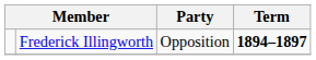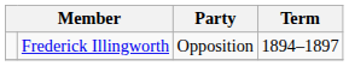 <table class="wikitable">
 <tr>
 <th colspan="2">Member</th>
 <th>Party</th>
 <th>Term</th>
 </tr>
 <tr>
 <td> </td>
 <td><a href='#'>Frederick Illingworth</a></td>
 <td>Opposition</td>
-<td><strong>1894–1897</strong></td>
+<td>1894–1897</td>
 </tr>
 <tr>
 </tr>
 </table>
